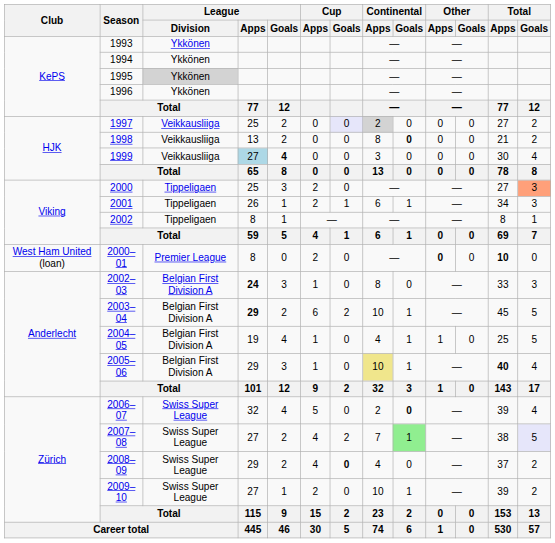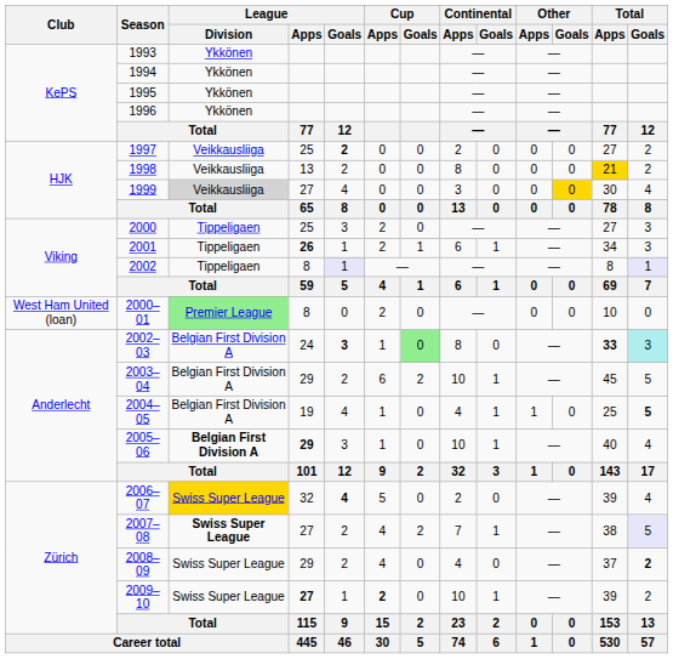 <table class="wikitable" style="text-align:center">
 <tr>
 <th rowspan="2">Club</th>
 <th rowspan="2">Season</th>
 <th colspan="3">League</th>
 <th colspan="2">Cup</th>
 <th colspan="2">Continental</th>
 <th colspan="2">Other</th>
 <th colspan="2">Total</th>
 </tr>
 <tr>
 <th>Division</th>
 <th>Apps</th>
 <th>Goals</th>
 <th>Apps</th>
 <th>Goals</th>
 <th>Apps</th>
 <th>Goals</th>
 <th>Apps</th>
 <th>Goals</th>
 <th>Apps</th>
 <th>Goals</th>
 </tr>
 <tr>
 <td rowspan="5"><a href='#'>KePS</a></td>
 <td>1993</td>
 <td><a href='#'>Ykkönen</a></td>
 <td></td>
 <td></td>
 <td></td>
 <td></td>
 <td colspan="2">—</td>
 <td colspan="2">—</td>
 <td></td>
 <td></td>
 </tr>
 <tr>
 <td>1994</td>
 <td>Ykkönen</td>
 <td></td>
 <td></td>
 <td></td>
 <td></td>
 <td colspan="2">—</td>
 <td colspan="2">—</td>
 <td></td>
 <td></td>
 </tr>
 <tr>
 <td>1995</td>
-<td style="background: lightgrey;">Ykkönen</td>
+<td>Ykkönen</td>
 <td></td>
 <td></td>
 <td></td>
 <td></td>
 <td colspan="2">—</td>
 <td colspan="2">—</td>
 <td></td>
 <td></td>
 </tr>
 <tr>
 <td>1996</td>
 <td>Ykkönen</td>
 <td></td>
 <td></td>
 <td></td>
 <td></td>
 <td colspan="2">—</td>
 <td colspan="2">—</td>
 <td></td>
 <td></td>
 </tr>
 <tr>
 <th colspan="2">Total</th>
 <th>77</th>
 <th>12</th>
 <th></th>
 <th></th>
 <th colspan="2">—</th>
 <th colspan="2">—</th>
 <th>77</th>
 <th>12</th>
 </tr>
 <tr>
 <td rowspan="4"><a href='#'>HJK</a></td>
 <td><a href='#'>1997</a></td>
 <td><a href='#'>Veikkausliiga</a></td>
 <td>25</td>
+<td><strong>2</strong></td>
+<td>0</td>
+<td>0</td>
 <td>2</td>
-<td>0</td>
-<td style="background: lavender;">0</td>
-<td style="background: lightgrey;">2</td>
 <td>0</td>
 <td>0</td>
 <td>0</td>
 <td>27</td>
 <td>2</td>
 </tr>
 <tr>
 <td><a href='#'>1998</a></td>
 <td>Veikkausliiga</td>
 <td>13</td>
 <td>2</td>
 <td>0</td>
 <td>0</td>
 <td>8</td>
-<td><strong>0</strong></td>
 <td>0</td>
 <td>0</td>
-<td>21</td>
+<td>0</td>
+<td style="background: gold;">21</td>
 <td>2</td>
 </tr>
 <tr>
 <td><a href='#'>1999</a></td>
-<td>Veikkausliiga</td>
-<td style="background: lightblue;">27</td>
-<td><strong>4</strong></td>
+<td style="background: lightgrey;">Veikkausliiga</td>
+<td>27</td>
+<td>4</td>
 <td>0</td>
 <td>0</td>
 <td>3</td>
 <td>0</td>
 <td>0</td>
-<td>0</td>
+<td style="background: gold;">0</td>
 <td>30</td>
 <td>4</td>
 </tr>
 <tr>
 <th colspan="2">Total</th>
 <th>65</th>
 <th>8</th>
 <th>0</th>
 <th>0</th>
 <th>13</th>
 <th>0</th>
 <th>0</th>
 <th>0</th>
 <th>78</th>
 <th>8</th>
 </tr>
 <tr>
 <td rowspan="4"><a href='#'>Viking</a></td>
 <td><a href='#'>2000</a></td>
 <td><a href='#'>Tippeligaen</a></td>
 <td>25</td>
 <td>3</td>
 <td>2</td>
 <td>0</td>
 <td colspan="2">—</td>
 <td colspan="2">—</td>
 <td>27</td>
-<td style="background: lightsalmon;">3</td>
+<td>3</td>
 </tr>
 <tr>
 <td><a href='#'>2001</a></td>
 <td>Tippeligaen</td>
-<td>26</td>
+<td><strong>26</strong></td>
 <td>1</td>
 <td>2</td>
 <td>1</td>
 <td>6</td>
 <td>1</td>
 <td colspan="2">—</td>
 <td>34</td>
 <td>3</td>
 </tr>
 <tr>
 <td><a href='#'>2002</a></td>
 <td>Tippeligaen</td>
 <td>8</td>
-<td>1</td>
+<td style="background: lavender;">1</td>
 <td colspan="2">—</td>
 <td colspan="2">—</td>
 <td colspan="2">—</td>
 <td>8</td>
-<td>1</td>
+<td style="background: lavender;">1</td>
 </tr>
 <tr>
 <th colspan="2">Total</th>
 <th>59</th>
 <th>5</th>
 <th>4</th>
 <th>1</th>
 <th>6</th>
 <th>1</th>
 <th>0</th>
 <th>0</th>
 <th>69</th>
 <th>7</th>
 </tr>
 <tr>
 <td><a href='#'>West Ham United</a> (loan)</td>
 <td><a href='#'>2000–01</a></td>
-<td><a href='#'>Premier League</a></td>
+<td style="background: lightgreen;"><a href='#'>Premier League</a></td>
 <td>8</td>
 <td>0</td>
 <td>2</td>
 <td>0</td>
 <td colspan="2">—</td>
-<td><strong>0</strong></td>
 <td>0</td>
-<td><strong>10</strong></td>
+<td>0</td>
+<td>10</td>
 <td>0</td>
 </tr>
 <tr>
 <td rowspan="5"><a href='#'>Anderlecht</a></td>
 <td><a href='#'>2002–03</a></td>
 <td><a href='#'>Belgian First Division A</a></td>
-<td><strong>24</strong></td>
-<td>3</td>
+<td>24</td>
+<td><strong>3</strong></td>
 <td>1</td>
-<td>0</td>
+<td style="background: lightgreen;">0</td>
 <td>8</td>
 <td>0</td>
 <td colspan="2">—</td>
-<td>33</td>
-<td>3</td>
+<td><strong>33</strong></td>
+<td style="background: paleturquoise;">3</td>
 </tr>
 <tr>
 <td><a href='#'>2003–04</a></td>
 <td>Belgian First Division A</td>
-<td><strong>29</strong></td>
+<td>29</td>
 <td>2</td>
 <td>6</td>
 <td>2</td>
 <td>10</td>
 <td>1</td>
 <td colspan="2">—</td>
 <td>45</td>
 <td>5</td>
 </tr>
 <tr>
 <td><a href='#'>2004–05</a></td>
 <td>Belgian First Division A</td>
 <td>19</td>
 <td>4</td>
 <td>1</td>
 <td>0</td>
 <td>4</td>
 <td>1</td>
 <td>1</td>
 <td>0</td>
 <td>25</td>
-<td>5</td>
+<td><strong>5</strong></td>
 </tr>
 <tr>
 <td><a href='#'>2005–06</a></td>
-<td>Belgian First Division A</td>
-<td>29</td>
+<td><strong>Belgian First Division A</strong></td>
+<td><strong>29</strong></td>
 <td>3</td>
 <td>1</td>
 <td>0</td>
-<td style="background: khaki;">10</td>
+<td>10</td>
 <td>1</td>
 <td colspan="2">—</td>
-<td><strong>40</strong></td>
+<td>40</td>
 <td>4</td>
 </tr>
 <tr>
 <th colspan="2">Total</th>
 <th>101</th>
 <th>12</th>
 <th>9</th>
 <th>2</th>
 <th>32</th>
 <th>3</th>
 <th>1</th>
 <th>0</th>
 <th>143</th>
 <th>17</th>
 </tr>
 <tr>
 <td rowspan="5"><a href='#'>Zürich</a></td>
 <td><a href='#'>2006–07</a></td>
-<td><a href='#'>Swiss Super League</a></td>
+<td style="background: gold;"><a href='#'>Swiss Super League</a></td>
 <td>32</td>
-<td>4</td>
+<td><strong>4</strong></td>
 <td>5</td>
 <td>0</td>
 <td>2</td>
-<td><strong>0</strong></td>
+<td>0</td>
 <td colspan="2">—</td>
 <td>39</td>
 <td>4</td>
 </tr>
 <tr>
 <td><a href='#'>2007–08</a></td>
-<td>Swiss Super League</td>
+<td><strong>Swiss Super League</strong></td>
 <td>27</td>
 <td>2</td>
 <td>4</td>
 <td>2</td>
 <td>7</td>
-<td style="background: lightgreen;">1</td>
+<td>1</td>
 <td colspan="2">—</td>
 <td>38</td>
 <td style="background: lavender;">5</td>
 </tr>
 <tr>
 <td><a href='#'>2008–09</a></td>
 <td>Swiss Super League</td>
 <td>29</td>
 <td>2</td>
 <td>4</td>
-<td><strong>0</strong></td>
+<td>0</td>
 <td>4</td>
 <td>0</td>
 <td colspan="2">—</td>
 <td>37</td>
-<td>2</td>
+<td><strong>2</strong></td>
 </tr>
 <tr>
 <td><a href='#'>2009–10</a></td>
 <td>Swiss Super League</td>
-<td>27</td>
+<td><strong>27</strong></td>
 <td>1</td>
-<td>2</td>
+<td><strong>2</strong></td>
 <td>0</td>
 <td>10</td>
 <td>1</td>
 <td colspan="2">—</td>
 <td>39</td>
 <td>2</td>
 </tr>
 <tr>
 <th colspan="2">Total</th>
 <th>115</th>
 <th>9</th>
 <th>15</th>
 <th>2</th>
 <th>23</th>
 <th>2</th>
 <th>0</th>
 <th>0</th>
 <th>153</th>
 <th>13</th>
 </tr>
 <tr>
 <th colspan="3">Career total</th>
 <th>445</th>
 <th>46</th>
 <th>30</th>
 <th>5</th>
 <th>74</th>
 <th>6</th>
 <th>1</th>
 <th>0</th>
 <th>530</th>
 <th>57</th>
 </tr>
 </table>
